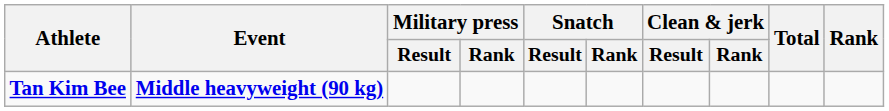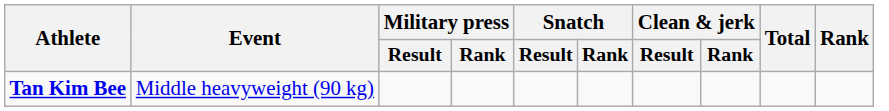 <table class="wikitable" style="font-size:90%">
 <tr>
 <th rowspan="2">Athlete</th>
 <th rowspan="2">Event</th>
 <th colspan="2">Military press</th>
 <th colspan="2">Snatch</th>
 <th colspan="2">Clean & jerk</th>
 <th rowspan="2">Total</th>
 <th rowspan="2">Rank</th>
 </tr>
 <tr style="font-size:95%">
 <th>Result</th>
 <th>Rank</th>
 <th>Result</th>
 <th>Rank</th>
 <th>Result</th>
 <th>Rank</th>
 </tr>
 <tr align=center>
 <td align=left><strong><a href='#'>Tan Kim Bee</a></strong></td>
-<td align=left><strong><a href='#'>Middle heavyweight (90 kg)</a></strong></td>
+<td align=left><a href='#'>Middle heavyweight (90 kg)</a></td>
 <td></td>
 <td></td>
 <td></td>
 <td></td>
 <td></td>
 <td></td>
 <td></td>
 <td></td>
 </tr>
 </table>
